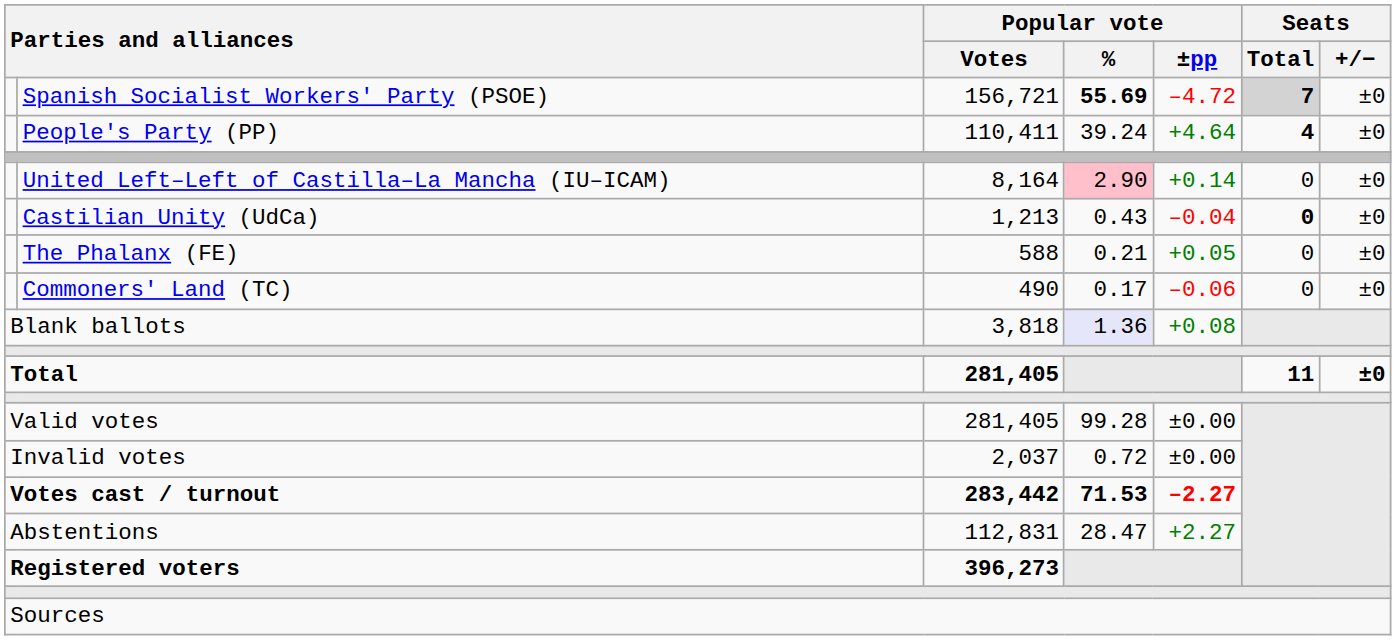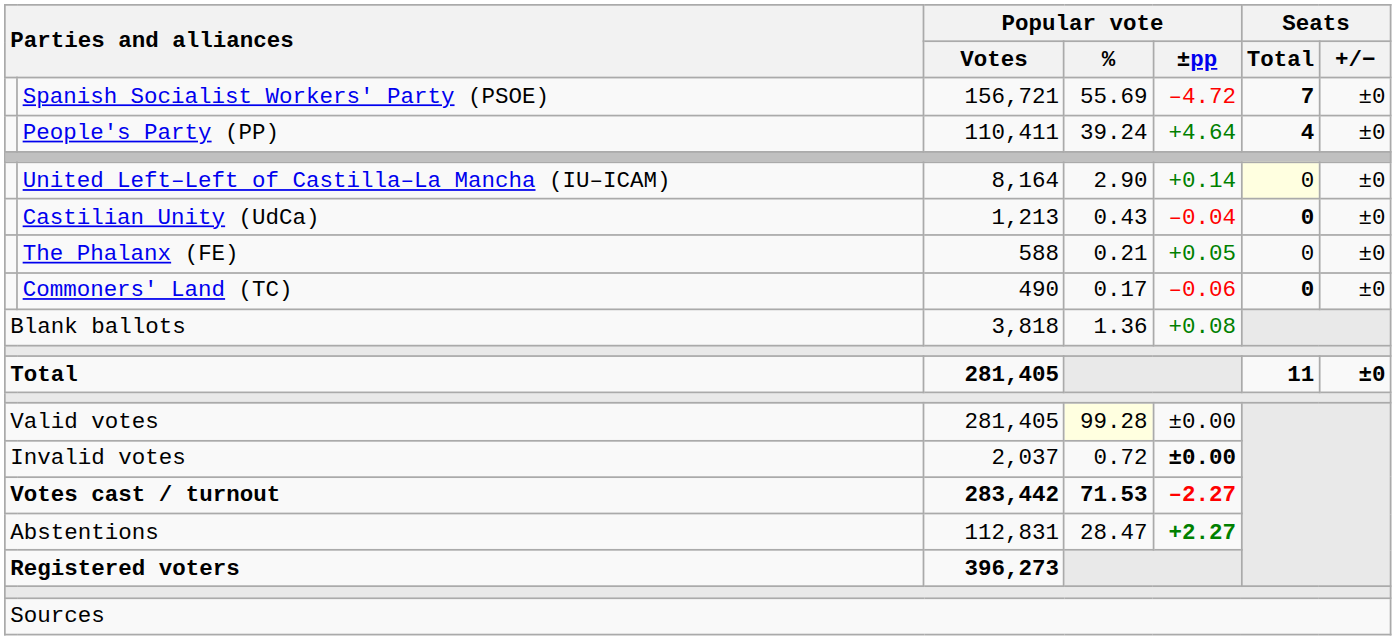 <table class="wikitable" style="text-align:right;">
 <tr>
 <th style="text-align:left;" rowspan="2" colspan="2" width="525">Parties and alliances</th>
 <th colspan="3">Popular vote</th>
 <th colspan="2">Seats</th>
 </tr>
 <tr>
 <th width="75">Votes</th>
 <th width="45">%</th>
 <th width="45">±<a href='#'>pp</a></th>
 <th width="35">Total</th>
 <th width="35">+/−</th>
 </tr>
 <tr>
 <td width="1" style="color:inherit;background:"></td>
 <td align="left"><a href='#'>Spanish Socialist Workers' Party</a> (PSOE)</td>
 <td>156,721</td>
-<td><strong>55.69</strong></td>
+<td>55.69</td>
 <td style="color:red;">–4.72</td>
-<td style="background: lightgrey;"><strong>7</strong></td>
+<td><strong>7</strong></td>
 <td>±0</td>
 </tr>
 <tr>
 <td style="color:inherit;background:"></td>
 <td align="left"><a href='#'>People's Party</a> (PP)</td>
 <td>110,411</td>
 <td>39.24</td>
 <td style="color:green;">+4.64</td>
 <td><strong>4</strong></td>
 <td>±0</td>
 </tr>
 <tr>
 <td colspan="7" bgcolor="#C0C0C0"></td>
 </tr>
 <tr>
 <td style="color:inherit;background:"></td>
 <td align="left"><a href='#'>United Left–Left of Castilla–La Mancha</a> (IU–ICAM)</td>
 <td>8,164</td>
-<td style="background: pink;">2.90</td>
+<td>2.90</td>
 <td style="color:green;">+0.14</td>
-<td>0</td>
+<td style="background: lightyellow;">0</td>
 <td>±0</td>
 </tr>
 <tr>
 <td style="color:inherit;background:"></td>
 <td align="left"><a href='#'>Castilian Unity</a> (UdCa)</td>
 <td>1,213</td>
 <td>0.43</td>
 <td style="color:red;">–0.04</td>
 <td><strong>0</strong></td>
 <td>±0</td>
 </tr>
 <tr>
 <td style="color:inherit;background:"></td>
 <td align="left"><a href='#'>The Phalanx</a> (FE)</td>
 <td>588</td>
 <td>0.21</td>
 <td style="color:green;">+0.05</td>
 <td>0</td>
 <td>±0</td>
 </tr>
 <tr>
 <td style="color:inherit;background:"></td>
 <td align="left"><a href='#'>Commoners' Land</a> (TC)</td>
 <td>490</td>
 <td>0.17</td>
 <td style="color:red;">–0.06</td>
-<td>0</td>
+<td><strong>0</strong></td>
 <td>±0</td>
 </tr>
 <tr>
 <td align="left" colspan="2">Blank ballots</td>
 <td>3,818</td>
-<td style="background: lavender;">1.36</td>
+<td>1.36</td>
 <td style="color:green;">+0.08</td>
 <td bgcolor="#E9E9E9" colspan="2"></td>
 </tr>
 <tr>
 <td colspan="7" bgcolor="#E9E9E9"></td>
 </tr>
 <tr style="font-weight:bold;">
 <td align="left" colspan="2">Total</td>
 <td>281,405</td>
 <td bgcolor="#E9E9E9" colspan="2"></td>
 <td>11</td>
 <td>±0</td>
 </tr>
 <tr>
 <td colspan="7" bgcolor="#E9E9E9"></td>
 </tr>
 <tr>
 <td align="left" colspan="2">Valid votes</td>
 <td>281,405</td>
-<td>99.28</td>
+<td style="background: lightyellow;">99.28</td>
 <td>±0.00</td>
 <td bgcolor="#E9E9E9" colspan="2" rowspan="5"></td>
 </tr>
 <tr>
 <td align="left" colspan="2">Invalid votes</td>
 <td>2,037</td>
 <td>0.72</td>
-<td>±0.00</td>
+<td><strong>±0.00</strong></td>
 </tr>
 <tr style="font-weight:bold;">
 <td align="left" colspan="2">Votes cast / turnout</td>
 <td>283,442</td>
 <td>71.53</td>
 <td style="color:red;">–2.27</td>
 </tr>
 <tr>
 <td align="left" colspan="2">Abstentions</td>
 <td>112,831</td>
 <td>28.47</td>
-<td style="color:green;">+2.27</td>
+<td style="color:green;"><strong>+2.27</strong></td>
 </tr>
 <tr style="font-weight:bold;">
 <td align="left" colspan="2">Registered voters</td>
 <td>396,273</td>
 <td bgcolor="#E9E9E9" colspan="2"></td>
 </tr>
 <tr>
 <td colspan="7" bgcolor="#E9E9E9"></td>
 </tr>
 <tr>
 <td align="left" colspan="7">Sources</td>
 </tr>
 </table>
